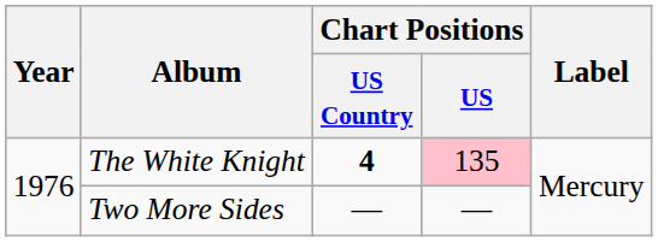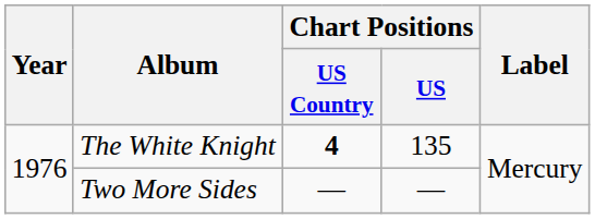 <table class="wikitable">
 <tr>
 <th rowspan="2">Year</th>
 <th rowspan="2">Album</th>
 <th colspan="2">Chart Positions</th>
 <th rowspan="2">Label</th>
 </tr>
 <tr>
 <th width="50"><small><a href='#'>US Country</a></small></th>
 <th width="50"><small><a href='#'>US</a></small></th>
 </tr>
 <tr>
 <td rowspan=2>1976</td>
 <td><em>The White Knight</em></td>
 <td align="center"><strong>4</strong></td>
-<td align="center" style="background: pink;">135</td>
+<td align="center">135</td>
 <td rowspan=2>Mercury</td>
 </tr>
 <tr>
 <td><em>Two More Sides</em></td>
 <td align="center">—</td>
 <td align="center">—</td>
 </tr>
 </table>
